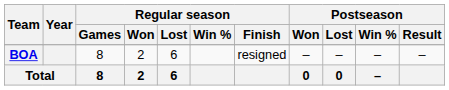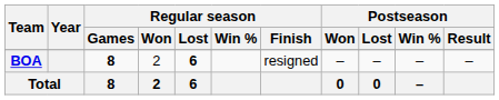 <table class="wikitable" style="font-size: 95%; text-align:center;">
 <tr>
 <th rowspan="2">Team</th>
 <th rowspan="2">Year</th>
 <th colspan="5">Regular season</th>
 <th colspan="4">Postseason</th>
 </tr>
 <tr>
 <th>Games</th>
 <th>Won</th>
 <th>Lost</th>
 <th>Win %</th>
 <th>Finish</th>
 <th>Won</th>
 <th>Lost</th>
 <th>Win %</th>
 <th>Result</th>
 </tr>
 <tr>
 </tr>
 <tr>
 <th><a href='#'>BOA</a></th>
 <th></th>
-<td>8</td>
+<td><strong>8</strong></td>
 <td>2</td>
-<td>6</td>
+<td><strong>6</strong></td>
 <td></td>
 <td>resigned</td>
 <td>–</td>
 <td>–</td>
 <td>–</td>
 <td>–</td>
 </tr>
 <tr>
 <th colspan="2">Total</th>
 <th>8</th>
 <th>2</th>
 <th>6</th>
 <th></th>
 <th></th>
 <th>0</th>
 <th>0</th>
 <th>–</th>
 <th></th>
 </tr>
 </table>
